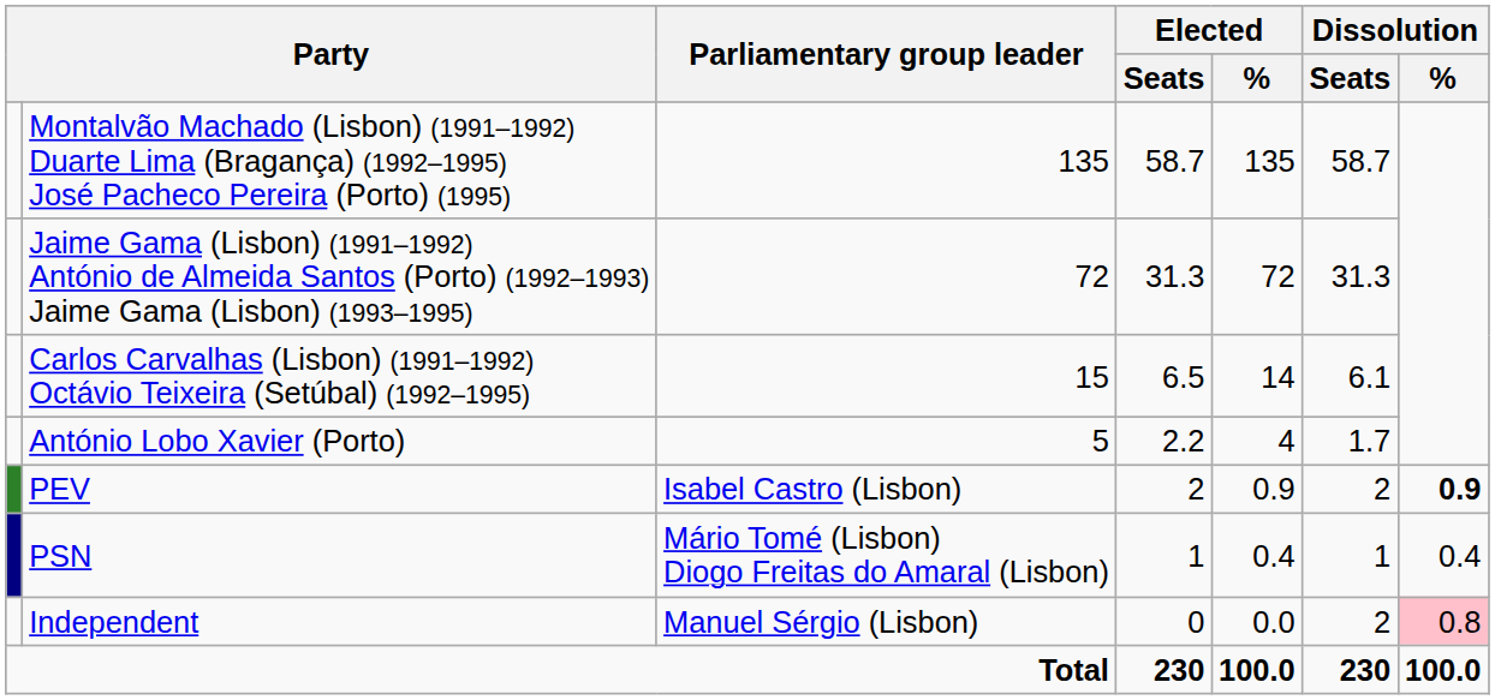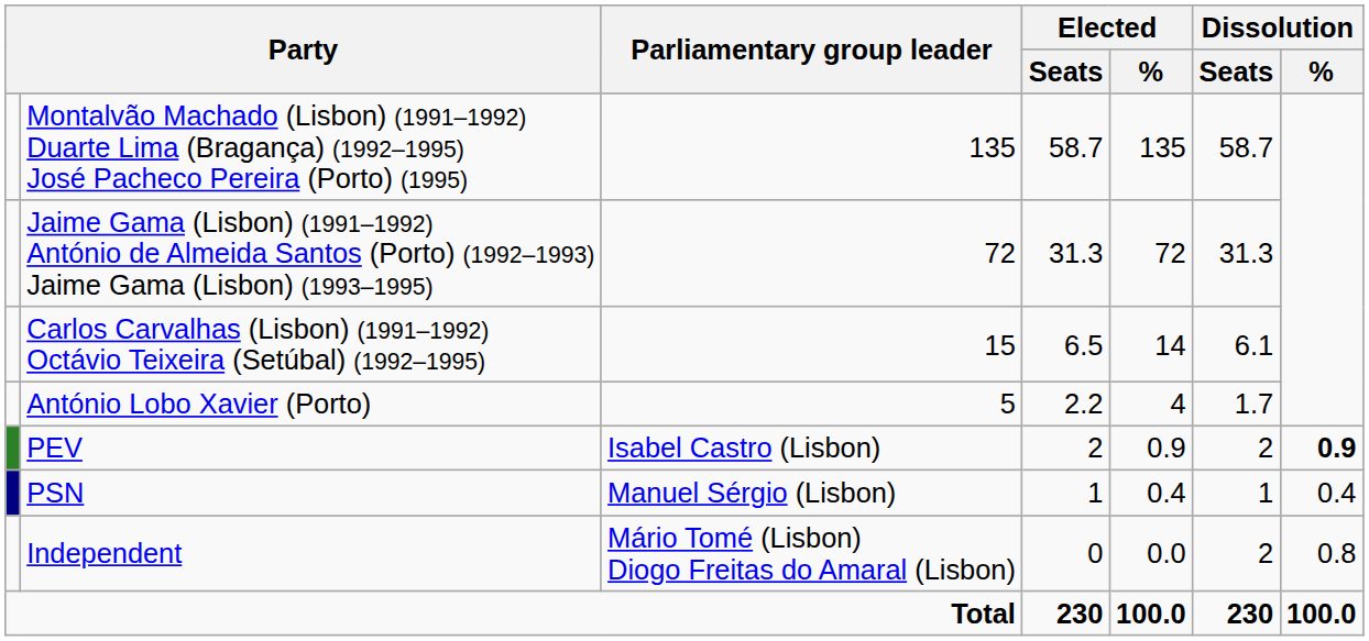 <table class="wikitable" style="text-align:right; font-size:95%;">
 <tr>
 <th colspan="2" rowspan="2">Party</th>
 <th rowspan="2">Parliamentary group leader</th>
 <th colspan="2">Elected</th>
 <th colspan="2">Dissolution</th>
 </tr>
 <tr>
 <th>Seats</th>
 <th>%</th>
 <th>Seats</th>
 <th>%</th>
 </tr>
 <tr>
 <td></td>
 <td align="left"><a href='#'>Montalvão Machado</a> (Lisbon) <small>(1991–1992)</small><br><a href='#'>Duarte Lima</a> (Bragança) <small>(1992–1995)</small><br><a href='#'>José Pacheco Pereira</a> (Porto) <small>(1995)</small></td>
 <td align="right">135</td>
 <td align="right">58.7</td>
 <td align="right">135</td>
 <td align="right">58.7</td>
 </tr>
 <tr>
 <td></td>
 <td align="left"><a href='#'>Jaime Gama</a> (Lisbon) <small>(1991–1992)</small><br><a href='#'>António de Almeida Santos</a> (Porto) <small>(1992–1993)</small><br>Jaime Gama (Lisbon) <small>(1993–1995)</small></td>
 <td align="right">72</td>
 <td align="right">31.3</td>
 <td align="right">72</td>
 <td align="right">31.3</td>
 </tr>
 <tr>
 <td></td>
 <td align="left"><a href='#'>Carlos Carvalhas</a> (Lisbon) <small>(1991–1992)</small><br><a href='#'>Octávio Teixeira</a> (Setúbal) <small>(1992–1995)</small></td>
 <td align="right">15</td>
 <td align="right">6.5</td>
 <td align="right">14</td>
 <td align="right">6.1</td>
 </tr>
 <tr>
 <td></td>
 <td align="left"><a href='#'>António Lobo Xavier</a> (Porto)</td>
 <td align="right">5</td>
 <td align="right">2.2</td>
 <td align="right">4</td>
 <td align="right">1.7</td>
 </tr>
 <tr>
 <td style="width:1px; background:#2C8028; text-align:center;"></td>
 <td style="text-align:left;"><a href='#'>PEV</a></td>
 <td align="left"><a href='#'>Isabel Castro</a> (Lisbon)</td>
 <td align="right">2</td>
 <td align="right">0.9</td>
 <td align="right">2</td>
 <td align="right"><strong>0.9</strong></td>
 </tr>
 <tr>
 <td style="width:1px; background:#000080; text-align:center;"></td>
 <td style="text-align:left;"><a href='#'>PSN</a></td>
-<td align="left"><a href='#'>Mário Tomé</a> (Lisbon)<br><a href='#'>Diogo Freitas do Amaral</a> (Lisbon)</td>
+<td align="left"><a href='#'>Manuel Sérgio</a> (Lisbon)</td>
 <td align="right">1</td>
 <td align="right">0.4</td>
 <td align="right">1</td>
 <td align="right">0.4</td>
 </tr>
 <tr>
 <td style="width:1px; background:"></td>
 <td style="text-align:left;"><a href='#'>Independent</a></td>
-<td align="left"><a href='#'>Manuel Sérgio</a> (Lisbon)</td>
+<td align="left"><a href='#'>Mário Tomé</a> (Lisbon)<br><a href='#'>Diogo Freitas do Amaral</a> (Lisbon)</td>
 <td align="right">0</td>
 <td align="right">0.0</td>
 <td align="right">2</td>
-<td align="right" style="background: pink;">0.8</td>
+<td align="right">0.8</td>
 </tr>
 <tr>
 <td colspan="3"> <strong>Total</strong></td>
 <td align="right"><strong>230</strong></td>
 <td align="right"><strong>100.0</strong></td>
 <td align="right"><strong>230</strong></td>
 <td align="right"><strong>100.0</strong></td>
 </tr>
 </table>
